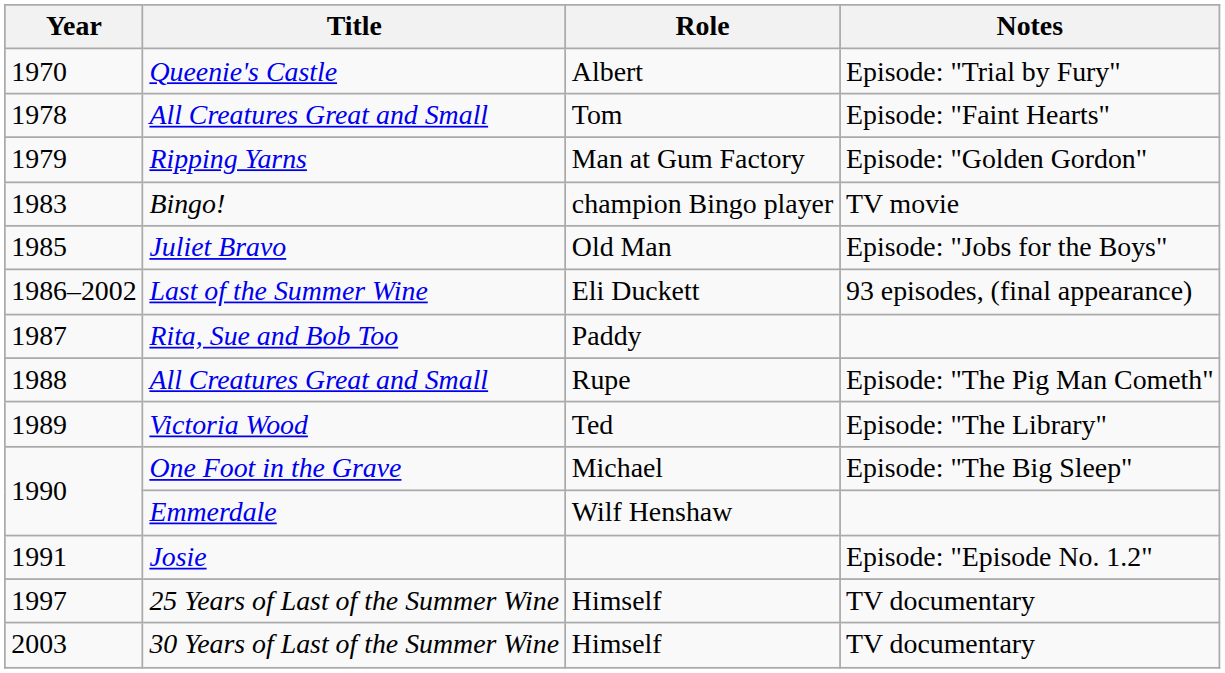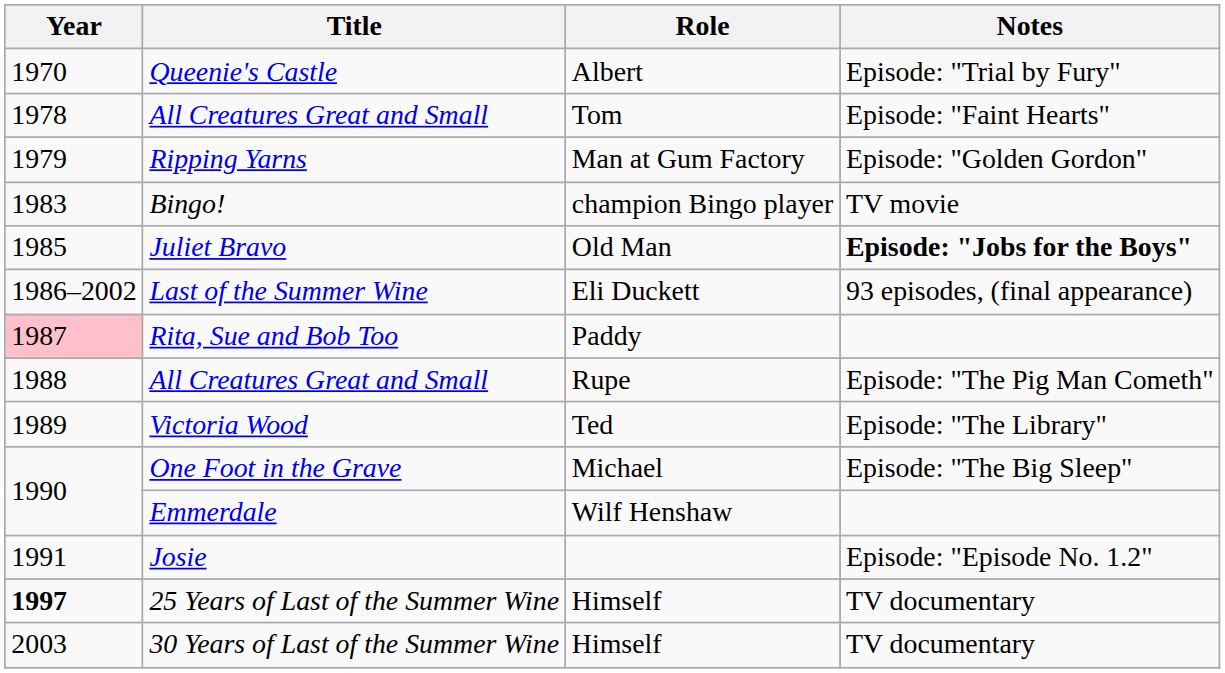 <table class="wikitable">
 <tr>
 <th>Year</th>
 <th>Title</th>
 <th>Role</th>
 <th>Notes</th>
 </tr>
 <tr>
 <td rowspan="1">1970</td>
 <td><em><a href='#'>Queenie's Castle</a></em></td>
 <td>Albert</td>
 <td>Episode: "Trial by Fury"</td>
 </tr>
 <tr>
 <td rowspan="1">1978</td>
 <td><em><a href='#'>All Creatures Great and Small</a></em></td>
 <td>Tom</td>
 <td>Episode: "Faint Hearts"</td>
 </tr>
 <tr>
 <td rowspan="1">1979</td>
 <td><em><a href='#'>Ripping Yarns</a></em></td>
 <td>Man at Gum Factory</td>
 <td>Episode: "Golden Gordon"</td>
 </tr>
 <tr>
 <td rowspan="1">1983</td>
 <td><em>Bingo!</em></td>
 <td>champion Bingo player</td>
 <td>TV movie</td>
 </tr>
 <tr>
 <td rowspan="1">1985</td>
 <td><em><a href='#'>Juliet Bravo</a></em></td>
 <td>Old Man</td>
-<td>Episode: "Jobs for the Boys"</td>
+<td><strong>Episode: "Jobs for the Boys"</strong></td>
 </tr>
 <tr>
 <td rowspan="1">1986–2002</td>
 <td><em><a href='#'>Last of the Summer Wine</a></em></td>
 <td>Eli Duckett</td>
 <td>93 episodes, (final appearance)</td>
 </tr>
 <tr>
-<td rowspan="1">1987</td>
+<td rowspan="1" style="background: pink;">1987</td>
 <td><em><a href='#'>Rita, Sue and Bob Too</a></em></td>
 <td>Paddy</td>
 <td></td>
 </tr>
 <tr>
 <td rowspan="1">1988</td>
 <td><em><a href='#'>All Creatures Great and Small</a></em></td>
 <td>Rupe</td>
 <td>Episode: "The Pig Man Cometh"</td>
 </tr>
 <tr>
 <td rowspan="1">1989</td>
 <td><em><a href='#'>Victoria Wood</a></em></td>
 <td>Ted</td>
 <td>Episode: "The Library"</td>
 </tr>
 <tr>
 <td rowspan="2">1990</td>
 <td><em><a href='#'>One Foot in the Grave</a></em></td>
 <td>Michael</td>
 <td>Episode: "The Big Sleep"</td>
 </tr>
 <tr>
 <td><em><a href='#'>Emmerdale</a></em></td>
 <td>Wilf Henshaw</td>
 <td></td>
 </tr>
 <tr>
 <td rowspan="1">1991</td>
 <td><em><a href='#'>Josie</a></em></td>
 <td></td>
 <td>Episode: "Episode No. 1.2"</td>
 </tr>
 <tr>
-<td rowspan="1">1997</td>
+<td rowspan="1"><strong>1997</strong></td>
 <td><em>25 Years of Last of the Summer Wine</em></td>
 <td>Himself</td>
 <td>TV documentary</td>
 </tr>
 <tr>
 <td rowspan="1">2003</td>
 <td><em>30 Years of Last of the Summer Wine</em></td>
 <td>Himself</td>
 <td>TV documentary</td>
 </tr>
 </table>
